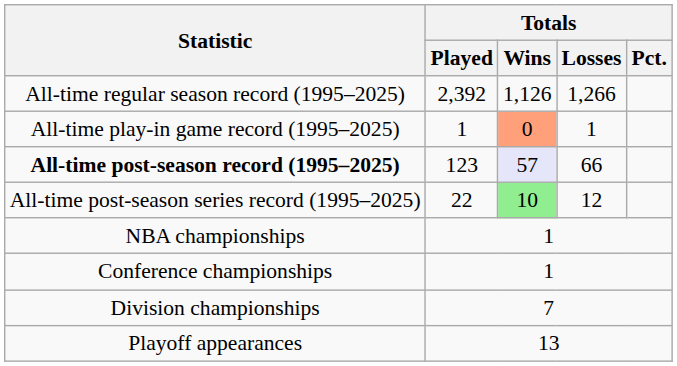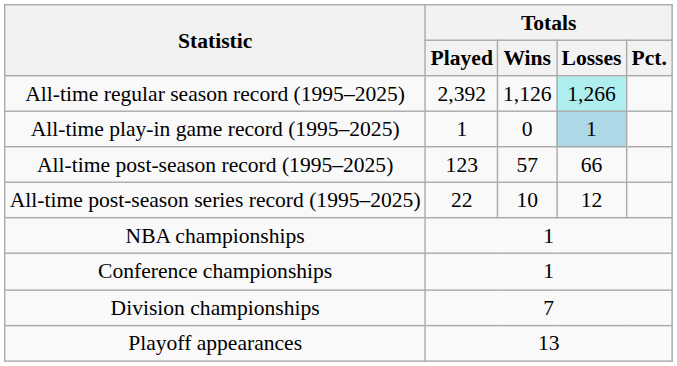 <table class="wikitable" style="text-align:center; font-size:95%">
 <tr>
 <th rowspan="2">Statistic</th>
 <th colspan="4">Totals</th>
 </tr>
 <tr>
 <th>Played</th>
 <th>Wins</th>
 <th>Losses</th>
 <th>Pct.</th>
 </tr>
 <tr>
 <td>All-time regular season record (1995–2025)</td>
 <td>2,392</td>
 <td>1,126</td>
-<td>1,266</td>
+<td style="background: paleturquoise;">1,266</td>
 <td></td>
 </tr>
 <tr>
 <td>All-time play-in game record (1995–2025)</td>
 <td>1</td>
-<td style="background: lightsalmon;">0</td>
-<td>1</td>
+<td>0</td>
+<td style="background: lightblue;">1</td>
 <td></td>
 </tr>
 <tr>
-<td><strong>All-time post-season record (1995–2025)</strong></td>
+<td>All-time post-season record (1995–2025)</td>
 <td>123</td>
-<td style="background: lavender;">57</td>
+<td>57</td>
 <td>66</td>
 <td></td>
 </tr>
 <tr>
 <td>All-time post-season series record (1995–2025)</td>
 <td>22</td>
-<td style="background: lightgreen;">10</td>
+<td>10</td>
 <td>12</td>
 <td></td>
 </tr>
 <tr>
 <td>NBA championships</td>
 <td colspan="4">1</td>
 </tr>
 <tr>
 <td>Conference championships</td>
 <td colspan="4">1</td>
 </tr>
 <tr>
 <td>Division championships</td>
 <td colspan="4">7</td>
 </tr>
 <tr>
 <td>Playoff appearances</td>
 <td colspan="4">13</td>
 </tr>
 </table>
